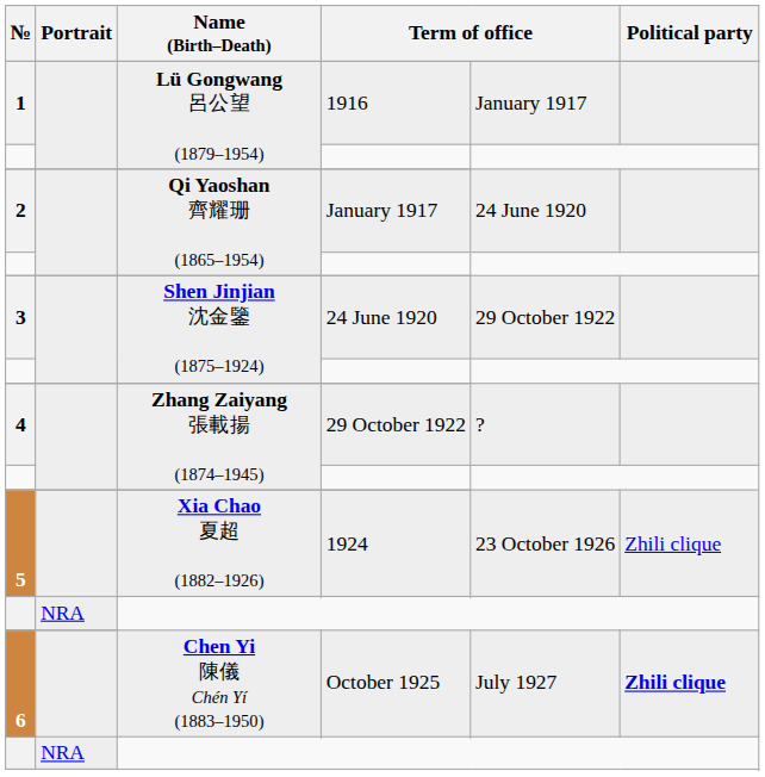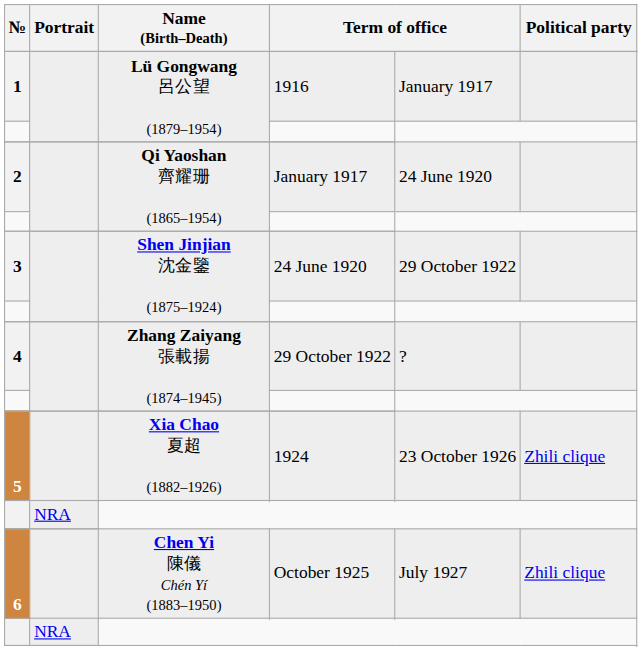 <table class="wikitable">
 <tr ->
 <th>№</th>
 <th>Portrait</th>
 <th width=150px>Name<br><small>(Birth–Death)</small></th>
 <th colspan=2 width=200px>Term of office</th>
 <th width=100px>Political party</th>
 </tr>
 <tr ->
 </tr>
 <tr - bgcolor=#EEEEEE>
 <th style="background:">1</th>
 <td rowspan=2 align=center></td>
 <td rowspan=2 align=center><strong>Lü Gongwang</strong><br><span>呂公望</span><br><small><br>(1879–1954)</small></td>
 <td>1916</td>
 <td>January 1917</td>
 <td></td>
 </tr>
 <tr>
 <td colspan=4><small></small></td>
 </tr>
 <tr ->
 </tr>
 <tr - bgcolor=#EEEEEE>
 <th style="background:">2</th>
 <td rowspan=2 align=center></td>
 <td rowspan=2 align=center><strong>Qi Yaoshan</strong><br><span>齊耀珊</span><br><small><br>(1865–1954)</small></td>
 <td>January 1917</td>
 <td>24 June 1920</td>
 <td></td>
 </tr>
 <tr>
 <td colspan=4><small></small></td>
 </tr>
 <tr ->
 </tr>
 <tr - bgcolor=#EEEEEE>
 <th style="background:">3</th>
 <td rowspan=2 align=center></td>
 <td rowspan=2 align=center><strong><a href='#'>Shen Jinjian</a></strong><br><span>沈金鑒</span><br><small><br>(1875–1924)</small></td>
 <td>24 June 1920</td>
 <td>29 October 1922</td>
 <td></td>
 </tr>
 <tr>
 <td colspan=4><small></small></td>
 </tr>
 <tr ->
 </tr>
 <tr - bgcolor=#EEEEEE>
 <th style="background:">4</th>
 <td rowspan=2 align=center></td>
 <td rowspan=2 align=center><strong>Zhang Zaiyang</strong><br><span>張載揚</span><br><small><br>(1874–1945)</small></td>
 <td>29 October 1922</td>
 <td>?</td>
 <td></td>
 </tr>
 <tr>
 <td colspan=4><small></small></td>
 </tr>
 <tr ->
 </tr>
 <tr - bgcolor=#EEEEEE>
 <th style="background:#CD853F; color:white; border-bottom:1px solid #CD853F;" valign=bottom>5</th>
 <td rowspan=2 align=center></td>
 <td rowspan=2 align=center><strong><a href='#'>Xia Chao</a></strong><br><span>夏超</span><br><small><br>(1882–1926)</small></td>
 <td rowspan=2>1924</td>
 <td rowspan=2>23 October 1926</td>
 <td><a href='#'>Zhili clique</a></td>
 </tr>
 <tr>
 </tr>
 <tr - bgcolor=#EEEEEE>
 <th style="background:"></th>
 <td><a href='#'>NRA</a></td>
 </tr>
 <tr ->
 </tr>
 <tr - bgcolor=#EEEEEE>
 <th style="background:#CD853F; color:white; border-bottom:1px solid #CD853F;" valign=bottom>6</th>
 <td rowspan=2 align=center></td>
 <td rowspan=2 align=center><strong><a href='#'>Chen Yi</a></strong><br><span>陳儀</span><br><small><em>Chén Yí</em><br>(1883–1950)</small></td>
 <td rowspan=2>October 1925</td>
 <td rowspan=2>July 1927</td>
-<td><strong><a href='#'>Zhili clique</a></strong></td>
+<td><a href='#'>Zhili clique</a></td>
 </tr>
 <tr>
 </tr>
 <tr - bgcolor=#EEEEEE>
 <th style="background:"></th>
 <td><a href='#'>NRA</a></td>
 </tr>
 <tr ->
 </tr>
 </table>
